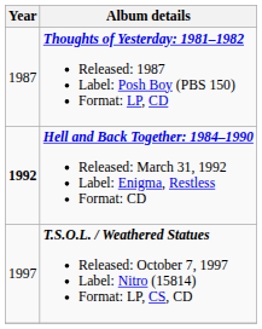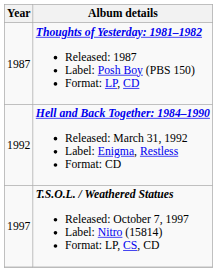 <table class ="wikitable">
 <tr>
 <th>Year</th>
 <th>Album details</th>
 </tr>
 <tr>
 <td>1987</td>
 <td><strong><em><a href='#'>Thoughts of Yesterday: 1981–1982</a></em></strong><br><ul><li>Released: 1987</li><li>Label: <a href='#'>Posh Boy</a> (PBS 150)</li><li>Format: <a href='#'>LP</a>, <a href='#'>CD</a></li></ul></td>
 </tr>
 <tr>
-<td><strong>1992</strong></td>
+<td>1992</td>
 <td><strong><em><a href='#'>Hell and Back Together: 1984–1990</a></em></strong><br><ul><li>Released: March 31, 1992</li><li>Label: <a href='#'>Enigma</a>, <a href='#'>Restless</a></li><li>Format: CD</li></ul></td>
 </tr>
 <tr>
 <td>1997</td>
 <td><strong><em>T.S.O.L. / Weathered Statues</em></strong><br><ul><li>Released: October 7, 1997</li><li>Label: <a href='#'>Nitro</a> (15814)</li><li>Format: LP, <a href='#'>CS</a>, CD</li></ul></td>
 </tr>
 <tr>
 </tr>
 </table>
